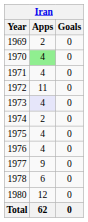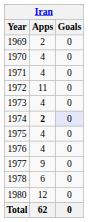 <table class="wikitable" style="text-align:center">
 <tr>
 <th colspan="3"><a href='#'>Iran</a></th>
 </tr>
 <tr>
 <th>Year</th>
 <th>Apps</th>
 <th>Goals</th>
 </tr>
 <tr>
 <td>1969</td>
 <td>2</td>
 <td>0</td>
 </tr>
 <tr>
 <td>1970</td>
-<td style="background: lightgreen;">4</td>
+<td>4</td>
 <td>0</td>
 </tr>
 <tr>
 <td>1971</td>
 <td>4</td>
 <td>0</td>
 </tr>
 <tr>
 <td>1972</td>
 <td>11</td>
 <td>0</td>
 </tr>
 <tr>
 <td>1973</td>
-<td style="background: lavender;">4</td>
+<td>4</td>
 <td>0</td>
 </tr>
 <tr>
 <td>1974</td>
-<td>2</td>
-<td>0</td>
+<td><strong>2</strong></td>
+<td style="background: lavender;">0</td>
 </tr>
 <tr>
 <td>1975</td>
 <td>4</td>
 <td>0</td>
 </tr>
 <tr>
 <td>1976</td>
 <td>4</td>
 <td>0</td>
 </tr>
 <tr>
 <td>1977</td>
 <td>9</td>
 <td>0</td>
 </tr>
 <tr>
 <td>1978</td>
 <td>6</td>
 <td>0</td>
 </tr>
 <tr>
 <td>1980</td>
 <td>12</td>
 <td>0</td>
 </tr>
 <tr>
 <th>Total</th>
 <th>62</th>
 <th>0</th>
 </tr>
 </table>
